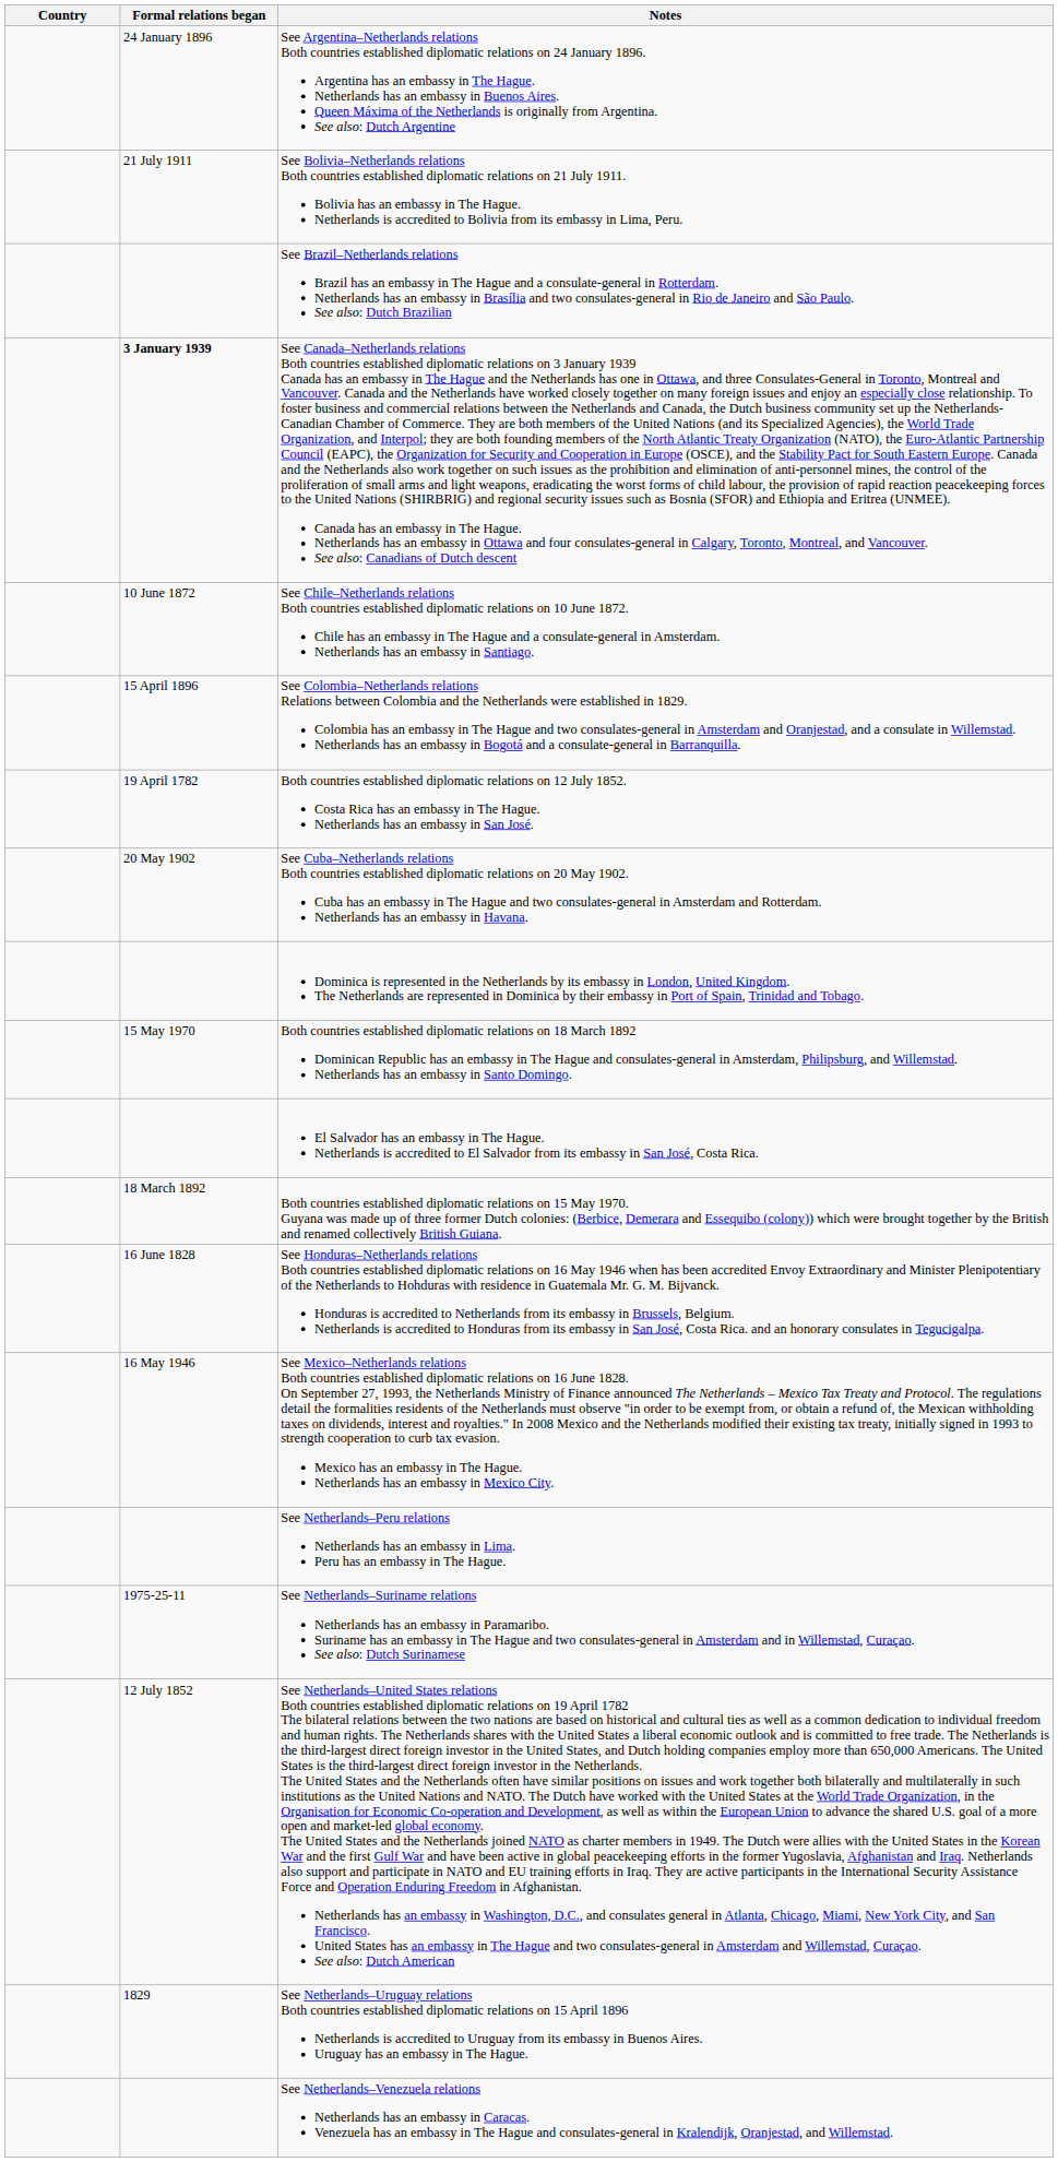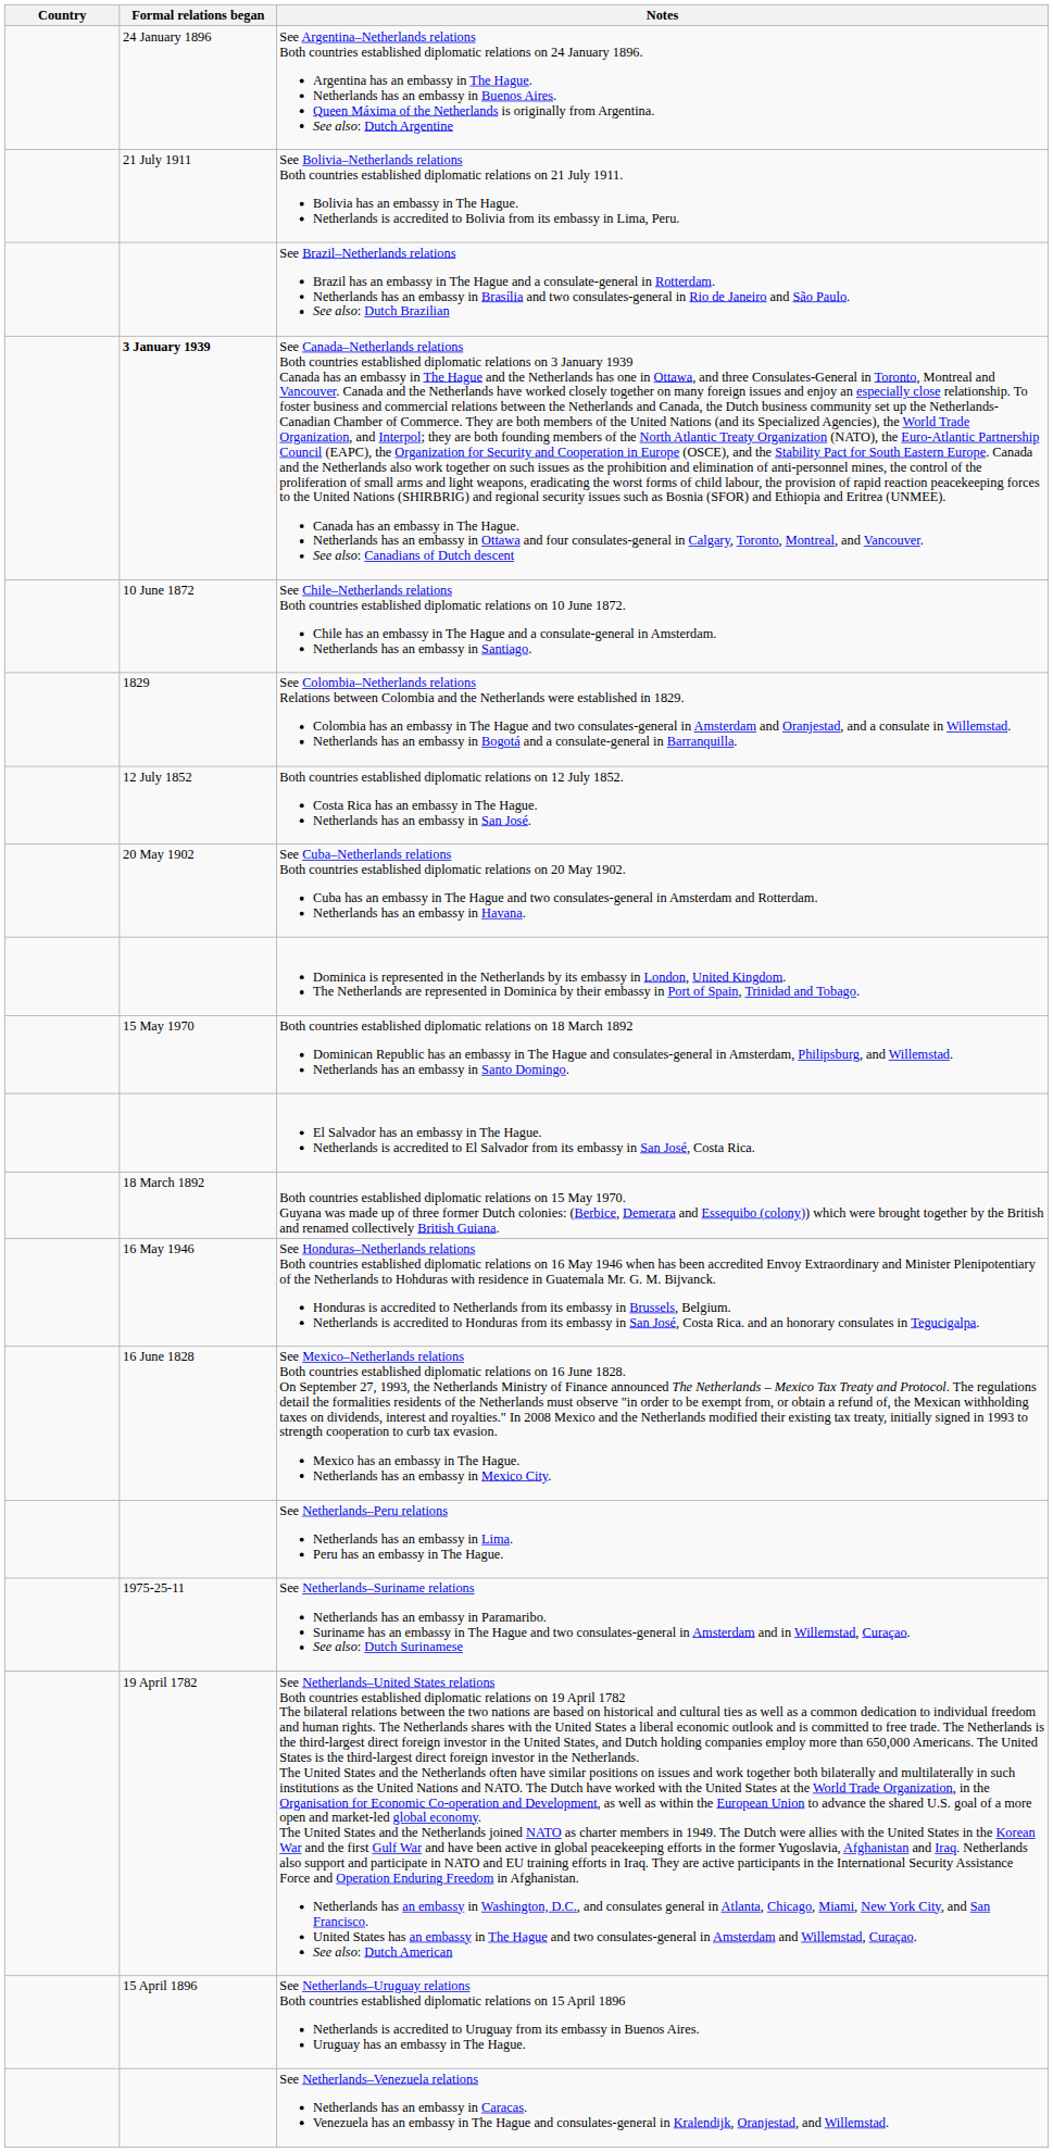 <table class="wikitable sortable">
 <tr>
 <th width=130>Country</th>
 <th width=180>Formal relations began</th>
 <th class=unsortable>Notes</th>
 </tr>
 <tr valign="top">
 <td></td>
 <td>24 January 1896</td>
 <td>See <a href='#'>Argentina–Netherlands relations</a><br>Both countries established diplomatic relations on 24 January 1896.<ul><li>Argentina has an embassy in <a href='#'>The Hague</a>.</li><li>Netherlands has an embassy in <a href='#'>Buenos Aires</a>.</li><li><a href='#'>Queen Máxima of the Netherlands</a> is originally from Argentina.</li><li><em>See also</em>: <a href='#'>Dutch Argentine</a></li></ul></td>
 </tr>
 <tr valign="top">
 <td></td>
 <td>21 July 1911</td>
 <td>See <a href='#'>Bolivia–Netherlands relations</a><br>Both countries established diplomatic relations on 21 July 1911.<ul><li>Bolivia has an embassy in The Hague.</li><li>Netherlands is accredited to Bolivia from its embassy in Lima, Peru.</li></ul></td>
 </tr>
 <tr valign="top">
 <td></td>
 <td></td>
 <td>See <a href='#'>Brazil–Netherlands relations</a><br><ul><li>Brazil has an embassy in The Hague and a consulate-general in <a href='#'>Rotterdam</a>.</li><li>Netherlands has an embassy in <a href='#'>Brasília</a> and two consulates-general in <a href='#'>Rio de Janeiro</a> and <a href='#'>São Paulo</a>.</li><li><em>See also</em>: <a href='#'>Dutch Brazilian</a></li></ul></td>
 </tr>
 <tr valign="top">
 <td></td>
 <td><strong>3 January 1939</strong></td>
 <td>See <a href='#'>Canada–Netherlands relations</a><br>Both countries established diplomatic relations on 3 January 1939<br>Canada has an embassy in <a href='#'>The Hague</a> and the Netherlands has one in <a href='#'>Ottawa</a>, and three Consulates-General in <a href='#'>Toronto</a>, Montreal and <a href='#'>Vancouver</a>. Canada and the Netherlands have worked closely together on many foreign issues and enjoy an <a href='#'>especially close</a> relationship. To foster business and commercial relations between the Netherlands and Canada, the Dutch business community set up the Netherlands-Canadian Chamber of Commerce. They are both members of the United Nations (and its Specialized Agencies), the <a href='#'>World Trade Organization</a>, and <a href='#'>Interpol</a>; they are both founding members of the <a href='#'>North Atlantic Treaty Organization</a> (NATO), the <a href='#'>Euro-Atlantic Partnership Council</a> (EAPC), the <a href='#'>Organization for Security and Cooperation in Europe</a> (OSCE), and the <a href='#'>Stability Pact for South Eastern Europe</a>. Canada and the Netherlands also work together on such issues as the prohibition and elimination of anti-personnel mines, the control of the proliferation of small arms and light weapons, eradicating the worst forms of child labour, the provision of rapid reaction peacekeeping forces to the United Nations (SHIRBRIG) and regional security issues such as Bosnia (SFOR) and Ethiopia and Eritrea (UNMEE).<ul><li>Canada has an embassy in The Hague.</li><li>Netherlands has an embassy in <a href='#'>Ottawa</a> and four consulates-general in <a href='#'>Calgary</a>, <a href='#'>Toronto</a>, <a href='#'>Montreal</a>, and <a href='#'>Vancouver</a>.</li><li><em>See also</em>: <a href='#'>Canadians of Dutch descent</a></li></ul></td>
 </tr>
 <tr valign="top">
 <td></td>
 <td>10 June 1872</td>
 <td>See <a href='#'>Chile–Netherlands relations</a><br>Both countries established diplomatic relations on 10 June 1872.<ul><li>Chile has an embassy in The Hague and a consulate-general in Amsterdam.</li><li>Netherlands has an embassy in <a href='#'>Santiago</a>.</li></ul></td>
 </tr>
 <tr valign="top">
 <td></td>
-<td>15 April 1896</td>
+<td>1829</td>
 <td>See <a href='#'>Colombia–Netherlands relations</a><br>Relations between Colombia and the Netherlands were established in 1829.<ul><li>Colombia has an embassy in The Hague and two consulates-general in <a href='#'>Amsterdam</a> and <a href='#'>Oranjestad</a>, and a consulate in <a href='#'>Willemstad</a>.</li><li>Netherlands has an embassy in <a href='#'>Bogotá</a> and a consulate-general in <a href='#'>Barranquilla</a>.</li></ul></td>
 </tr>
 <tr valign="top">
 <td></td>
-<td>19 April 1782</td>
+<td>12 July 1852</td>
 <td>Both countries established diplomatic relations on 12 July 1852.<br><ul><li>Costa Rica has an embassy in The Hague.</li><li>Netherlands has an embassy in <a href='#'>San José</a>.</li></ul></td>
 </tr>
 <tr valign="top">
 <td></td>
 <td>20 May 1902</td>
 <td>See <a href='#'>Cuba–Netherlands relations</a><br>Both countries established diplomatic relations on 20 May 1902.<ul><li>Cuba has an embassy in The Hague and two consulates-general in Amsterdam and Rotterdam.</li><li>Netherlands has an embassy in <a href='#'>Havana</a>.</li></ul></td>
 </tr>
 <tr valign="top">
 <td></td>
 <td></td>
 <td><br><ul><li>Dominica is represented in the Netherlands by its embassy in <a href='#'>London</a>, <a href='#'>United Kingdom</a>.</li><li>The Netherlands are represented in Dominica by their embassy in <a href='#'>Port of Spain</a>, <a href='#'>Trinidad and Tobago</a>.</li></ul></td>
 </tr>
 <tr valign="top">
 <td></td>
 <td>15 May 1970</td>
 <td>Both countries established diplomatic relations on 18 March 1892<br><ul><li>Dominican Republic has an embassy in The Hague and consulates-general in Amsterdam, <a href='#'>Philipsburg</a>, and <a href='#'>Willemstad</a>.</li><li>Netherlands has an embassy in <a href='#'>Santo Domingo</a>.</li></ul></td>
 </tr>
 <tr valign="top">
 <td></td>
 <td></td>
 <td><br><ul><li>El Salvador has an embassy in The Hague.</li><li>Netherlands is accredited to El Salvador from its embassy in <a href='#'>San José</a>, Costa Rica.</li></ul></td>
 </tr>
 <tr valign="top">
 <td></td>
 <td>18 March 1892</td>
 <td><br>Both countries established diplomatic relations on 15 May 1970.<br>Guyana was made up of three former Dutch colonies: (<a href='#'>Berbice</a>, <a href='#'>Demerara</a> and <a href='#'>Essequibo (colony)</a>) which were brought together by the British and renamed collectively <a href='#'>British Guiana</a>.</td>
 </tr>
 <tr valign="top">
 <td></td>
-<td>16 June 1828</td>
+<td>16 May 1946</td>
 <td>See <a href='#'>Honduras–Netherlands relations</a><br>Both countries established diplomatic relations on 16 May 1946 when has been accredited Envoy Extraordinary and Minister Plenipotentiary of the Netherlands to Hohduras with residence in Guatemala Mr. G. M. Bijvanck.<ul><li>Honduras is accredited to Netherlands from its embassy in <a href='#'>Brussels</a>, Belgium.</li><li>Netherlands is accredited to Honduras from its embassy in <a href='#'>San José</a>, Costa Rica. and an honorary consulates in <a href='#'>Tegucigalpa</a>.</li></ul></td>
 </tr>
 <tr valign="top">
 <td></td>
-<td>16 May 1946</td>
+<td>16 June 1828</td>
 <td>See <a href='#'>Mexico–Netherlands relations</a><br>Both countries established diplomatic relations on 16 June 1828.<br>On September 27, 1993, the Netherlands Ministry of Finance announced <em>The Netherlands – Mexico Tax Treaty and Protocol</em>. The regulations detail the formalities residents of the Netherlands must observe "in order to be exempt from, or obtain a refund of, the Mexican withholding taxes on dividends, interest and royalties." In 2008 Mexico and the Netherlands modified their existing tax treaty, initially signed in 1993 to strength cooperation to curb tax evasion.<ul><li>Mexico has an embassy in The Hague.</li><li>Netherlands has an embassy in <a href='#'>Mexico City</a>.</li></ul></td>
 </tr>
 <tr valign="top">
 <td></td>
 <td></td>
 <td>See <a href='#'>Netherlands–Peru relations</a><br><ul><li>Netherlands has an embassy in <a href='#'>Lima</a>.</li><li>Peru has an embassy in The Hague.</li></ul></td>
 </tr>
 <tr valign="top">
 <td></td>
 <td>1975-25-11</td>
 <td>See <a href='#'>Netherlands–Suriname relations</a><br><ul><li>Netherlands has an embassy in Paramaribo.</li><li>Suriname has an embassy in The Hague and two consulates-general in <a href='#'>Amsterdam</a> and in <a href='#'>Willemstad</a>, <a href='#'>Curaçao</a>.</li><li><em>See also</em>: <a href='#'>Dutch Surinamese</a></li></ul></td>
 </tr>
 <tr valign="top">
 <td></td>
-<td>12 July 1852</td>
+<td>19 April 1782</td>
 <td>See <a href='#'>Netherlands–United States relations</a><br>Both countries established diplomatic relations on 19 April 1782<br>The bilateral relations between the two nations are based on historical and cultural ties as well as a common dedication to individual freedom and human rights. The Netherlands shares with the United States a liberal economic outlook and is committed to free trade. The Netherlands is the third-largest direct foreign investor in the United States, and Dutch holding companies employ more than 650,000 Americans. The United States is the third-largest direct foreign investor in the Netherlands.<br>The United States and the Netherlands often have similar positions on issues and work together both bilaterally and multilaterally in such institutions as the United Nations and NATO.  The Dutch have worked with the United States at the <a href='#'>World Trade Organization</a>, in the <a href='#'>Organisation for Economic Co-operation and Development</a>, as well as within the <a href='#'>European Union</a> to advance the shared U.S. goal of a more open and market-led <a href='#'>global economy</a>.<br>The United States and the Netherlands joined <a href='#'>NATO</a> as charter members in 1949. The Dutch were allies with the United States in the <a href='#'>Korean War</a> and the first <a href='#'>Gulf War</a> and have been active in global peacekeeping efforts in the former Yugoslavia, <a href='#'>Afghanistan</a> and <a href='#'>Iraq</a>.  Netherlands also support and participate in NATO and EU training efforts in Iraq. They are active participants in the International Security Assistance Force and <a href='#'>Operation Enduring Freedom</a> in Afghanistan.<ul><li>Netherlands has <a href='#'>an embassy</a> in <a href='#'>Washington, D.C.</a>, and consulates general in <a href='#'>Atlanta</a>, <a href='#'>Chicago</a>, <a href='#'>Miami</a>, <a href='#'>New York City</a>, and <a href='#'>San Francisco</a>.</li><li>United States has <a href='#'>an embassy</a> in <a href='#'>The Hague</a> and two consulates-general in <a href='#'>Amsterdam</a> and <a href='#'>Willemstad</a>, <a href='#'>Curaçao</a>.</li><li><em>See also</em>: <a href='#'>Dutch American</a></li></ul></td>
 </tr>
 <tr valign="top">
 <td></td>
-<td>1829</td>
+<td>15 April 1896</td>
 <td>See <a href='#'>Netherlands–Uruguay relations</a><br>Both countries established diplomatic relations on 15 April 1896<ul><li>Netherlands is accredited to Uruguay from its embassy in Buenos Aires.</li><li>Uruguay has an embassy in The Hague.</li></ul></td>
 </tr>
 <tr valign="top">
 <td></td>
 <td></td>
 <td>See <a href='#'>Netherlands–Venezuela relations</a><br><ul><li>Netherlands has an embassy in <a href='#'>Caracas</a>.</li><li>Venezuela has an embassy in The Hague and consulates-general in <a href='#'>Kralendijk</a>, <a href='#'>Oranjestad</a>, and <a href='#'>Willemstad</a>.</li></ul></td>
 </tr>
 </table>
